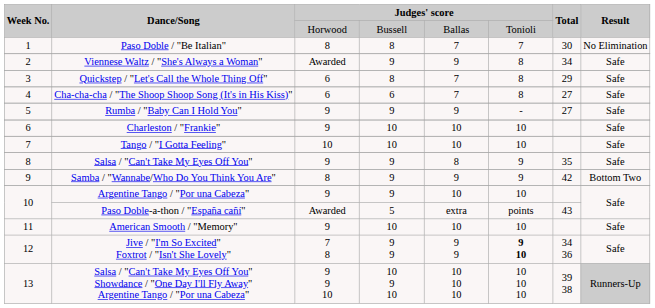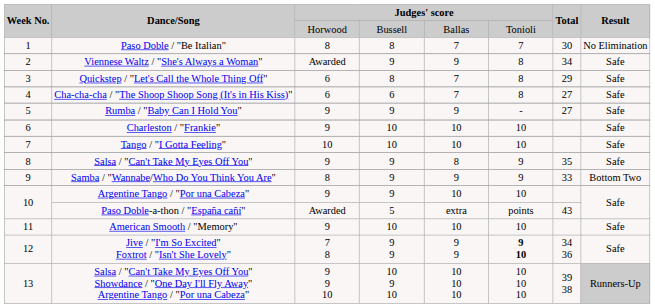 <table class="wikitable collapsible collapsed">
 <tr>
 <th rowspan="2" style="background:#ccc; text-align:Center;">Week No.</th>
 <th rowspan="2" style="background:#ccc; text-align:Center;">Dance/Song</th>
 <th colspan="4" style="background:#ccc; text-align:Center;">Judges' score</th>
 <th rowspan="2" style="background:#ccc; text-align:Center;">Total</th>
 <th rowspan="2" style="background:#ccc; text-align:Center;">Result</th>
 </tr>
 <tr style="text-align:center; background:#ccc;">
 <td style="width:10%; ">Horwood</td>
 <td style="width:10%; ">Bussell</td>
 <td style="width:10%; ">Ballas</td>
 <td style="width:10%; ">Tonioli</td>
 </tr>
 <tr style="text-align:center; background:#faf6f6">
 <td style="text-align:center; background:#faf6f6;">1</td>
 <td style="text-align:center; background:#faf6f6;"><a href='#'>Paso Doble</a> / "Be Italian"</td>
 <td style="text-align:center; background:#faf6f6;">8</td>
 <td style="text-align:center; background:#faf6f6;">8</td>
 <td style="text-align:center; background:#faf6f6;">7</td>
 <td style="text-align:center; background:#faf6f6;">7</td>
 <td style="text-align:center; background:#faf6f6;">30</td>
 <td style="text-align:center; background:#faf6f6;">No Elimination</td>
 </tr>
 <tr>
 </tr>
 <tr>
 <td style="text-align:center; background:#faf6f6;">2</td>
 <td style="text-align:center; background:#faf6f6;"><a href='#'>Viennese Waltz</a> / "<a href='#'>She's Always a Woman</a>"</td>
 <td style="text-align:center; background:#faf6f6;">Awarded</td>
 <td style="text-align:center; background:#faf6f6;">9</td>
 <td style="text-align:center; background:#faf6f6;">9</td>
 <td style="text-align:center; background:#faf6f6;">8</td>
 <td style="text-align:center; background:#faf6f6;">34</td>
 <td style="text-align:center; background:#faf6f6;">Safe</td>
 </tr>
 <tr>
 </tr>
 <tr>
 <td style="text-align:center; background:#faf6f6;">3</td>
 <td style="text-align:center; background:#faf6f6;"><a href='#'>Quickstep</a> / "<a href='#'>Let's Call the Whole Thing Off</a>"</td>
 <td style="text-align:center; background:#faf6f6;">6</td>
 <td style="text-align:center; background:#faf6f6;">8</td>
 <td style="text-align:center; background:#faf6f6;">7</td>
 <td style="text-align:center; background:#faf6f6;">8</td>
 <td style="text-align:center; background:#faf6f6;">29</td>
 <td style="text-align:center; background:#faf6f6;">Safe</td>
 </tr>
 <tr>
 </tr>
 <tr>
 <td style="text-align:center; background:#faf6f6;">4</td>
 <td style="text-align:center; background:#faf6f6;"><a href='#'>Cha-cha-cha</a> / "<a href='#'>The Shoop Shoop Song (It's in His Kiss)</a>"</td>
 <td style="text-align:center; background:#faf6f6;">6</td>
 <td style="text-align:center; background:#faf6f6;">6</td>
 <td style="text-align:center; background:#faf6f6;">7</td>
 <td style="text-align:center; background:#faf6f6;">8</td>
 <td style="text-align:center; background:#faf6f6;">27</td>
 <td style="text-align:center; background:#faf6f6;">Safe</td>
 </tr>
 <tr>
 </tr>
 <tr>
 <td style="text-align:center; background:#faf6f6;">5</td>
 <td style="text-align:center; background:#faf6f6;"><a href='#'>Rumba</a> / "<a href='#'>Baby Can I Hold You</a>"</td>
 <td style="text-align:center; background:#faf6f6;">9</td>
 <td style="text-align:center; background:#faf6f6;">9</td>
 <td style="text-align:center; background:#faf6f6;">9</td>
 <td style="text-align:center; background:#faf6f6;">-</td>
 <td style="text-align:center; background:#faf6f6;">27</td>
 <td style="text-align:center; background:#faf6f6;">Safe</td>
 </tr>
 <tr>
 </tr>
 <tr>
 <td style="text-align:center; background:#faf6f6;">6</td>
 <td style="text-align:center; background:#faf6f6;"><a href='#'>Charleston</a> / "<a href='#'>Frankie</a>"</td>
 <td style="text-align:center; background:#faf6f6;">9</td>
 <td style="text-align:center; background:#faf6f6;">10</td>
 <td style="text-align:center; background:#faf6f6;">10</td>
 <td style="text-align:center; background:#faf6f6;">10</td>
 <td style="text-align:center; background:#faf6f6;"></td>
 <td style="text-align:center; background:#faf6f6;">Safe</td>
 </tr>
 <tr>
 </tr>
 <tr>
 <td style="text-align:center; background:#faf6f6">7</td>
 <td style="text-align:center; background:#faf6f6"><a href='#'>Tango</a> / "<a href='#'>I Gotta Feeling</a>"</td>
 <td style="text-align:center; background:#faf6f6">10</td>
 <td style="text-align:center; background:#faf6f6">10</td>
 <td style="text-align:center; background:#faf6f6">10</td>
 <td style="text-align:center; background:#faf6f6">10</td>
 <td style="text-align:center; background:#faf6f6"></td>
 <td style="text-align:center; background:#faf6f6;">Safe</td>
 </tr>
 <tr>
 </tr>
 <tr>
 <td style="text-align:center; background:#faf6f6">8</td>
 <td style="text-align:center; background:#faf6f6"><a href='#'>Salsa</a> / "<a href='#'>Can't Take My Eyes Off You</a>"</td>
 <td style="text-align:center; background:#faf6f6">9</td>
 <td style="text-align:center; background:#faf6f6">9</td>
 <td style="text-align:center; background:#faf6f6">8</td>
 <td style="text-align:center; background:#faf6f6">9</td>
 <td style="text-align:center; background:#faf6f6">35</td>
 <td style="text-align:center; background:#faf6f6;">Safe</td>
 </tr>
 <tr>
 </tr>
 <tr>
 <td style="text-align:center; background:#faf6f6">9</td>
 <td style="text-align:center; background:#faf6f6"><a href='#'>Samba</a> / "<a href='#'>Wannabe</a>/<a href='#'>Who Do You Think You Are</a>"</td>
 <td style="text-align:center; background:#faf6f6;">8</td>
 <td style="text-align:center; background:#faf6f6">9</td>
 <td style="text-align:center; background:#faf6f6">9</td>
 <td style="text-align:center; background:#faf6f6">9</td>
-<td style="text-align:center; background:#faf6f6">42</td>
+<td style="text-align:center; background:#faf6f6">33</td>
 <td style="text-align:center; background:#faf6f6;">Bottom Two</td>
 </tr>
 <tr>
 </tr>
 <tr>
 <td style="text-align:center; background:#faf6f6;" rowspan=2>10</td>
 <td style="text-align:center; background:#faf6f6"><a href='#'>Argentine Tango</a> / "<a href='#'>Por una Cabeza</a>"</td>
 <td style="text-align:center; background:#faf6f6">9</td>
 <td style="text-align:center; background:#faf6f6">9</td>
 <td style="text-align:center; background:#faf6f6">10</td>
 <td style="text-align:center; background:#faf6f6">10</td>
 <td style="text-align:center; background:#faf6f6"></td>
 <td style="text-align:center; background:#faf6f6;" rowspan=2>Safe</td>
 </tr>
 <tr>
 <td style="text-align:center; background:#faf6f6;"><a href='#'>Paso Doble</a>-a-thon / "<a href='#'>España cañí</a>"</td>
 <td style="text-align:center; background:#faf6f6;">Awarded</td>
 <td style="text-align:center; background:#faf6f6;">5</td>
 <td style="text-align:center; background:#faf6f6;">extra</td>
 <td style="text-align:center; background:#faf6f6;">points</td>
 <td style="text-align:center; background:#faf6f6;">43</td>
 </tr>
 <tr>
 <td style="text-align:center; background:#faf6f6">11</td>
 <td style="text-align:center; background:#faf6f6"><a href='#'>American Smooth</a> / "Memory"</td>
 <td style="text-align:center; background:#faf6f6">9</td>
 <td style="text-align:center; background:#faf6f6">10</td>
 <td style="text-align:center; background:#faf6f6">10</td>
 <td style="text-align:center; background:#faf6f6">10</td>
 <td style="text-align:center; background:#faf6f6"></td>
 <td style="text-align:center; background:#faf6f6">Safe</td>
 </tr>
 <tr>
 <td style="text-align:center; background:#faf6f6;">12</td>
 <td style="text-align:center; background:#faf6f6;"><a href='#'>Jive</a> / "<a href='#'>I'm So Excited</a>"<br><a href='#'>Foxtrot</a> / "<a href='#'>Isn't She Lovely</a>"</td>
 <td style="text-align:center; background:#faf6f6;">7<br>8</td>
 <td style="text-align:center; background:#faf6f6;">9<br>9</td>
 <td style="text-align:center; background:#faf6f6;">9<br>9</td>
 <td style="text-align:center; background:#faf6f6;"><strong>9<br>10</strong></td>
 <td style="text-align:center; background:#faf6f6;">34<br>36</td>
 <td style="text-align:center; background:#faf6f6;">Safe</td>
 </tr>
 <tr>
 <td style="text-align:center; background:#faf6f6;">13</td>
 <td style="text-align:center; background:#faf6f6;"><a href='#'>Salsa</a> / "<a href='#'>Can't Take My Eyes Off You</a>"<br><a href='#'>Showdance</a> / "<a href='#'>One Day I'll Fly Away</a>"<br><a href='#'>Argentine Tango</a> / "<a href='#'>Por una Cabeza</a>"</td>
 <td style="text-align:center; background:#faf6f6;">9<br>9<br>10</td>
 <td style="text-align:center; background:#faf6f6;">10<br>9<br>10</td>
 <td style="text-align:center; background:#faf6f6;">10<br>10<br>10</td>
 <td style="text-align:center; background:#faf6f6;">10<br>10<br>10</td>
 <td style="text-align:center; background:#faf6f6;">39<br>38<br><strong></strong></td>
 <td style="text-align:center; background:#ccc;">Runners-Up</td>
 </tr>
 </table>
